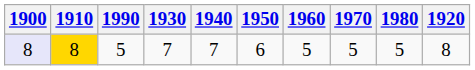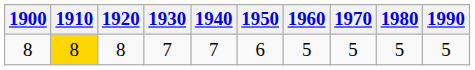 <table class=wikitable style="text-align:center">
 <tr>
 <th><a href='#'>1900</a></th>
 <th><a href='#'>1910</a></th>
-<th><a href='#'>1990</a></th>
+<th><a href='#'>1920</a></th>
 <th><a href='#'>1930</a></th>
 <th><a href='#'>1940</a></th>
 <th><a href='#'>1950</a></th>
 <th><a href='#'>1960</a></th>
 <th><a href='#'>1970</a></th>
 <th><a href='#'>1980</a></th>
-<th><a href='#'>1920</a></th>
+<th><a href='#'>1990</a></th>
 </tr>
 <tr>
-<td style="background: lavender;">8</td>
+<td>8</td>
 <td style="background: gold;">8</td>
-<td>5</td>
+<td>8</td>
 <td>7</td>
 <td>7</td>
 <td>6</td>
 <td>5</td>
 <td>5</td>
 <td>5</td>
-<td>8</td>
+<td>5</td>
 </tr>
 </table>
